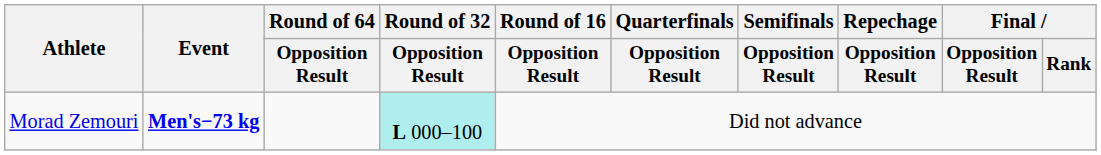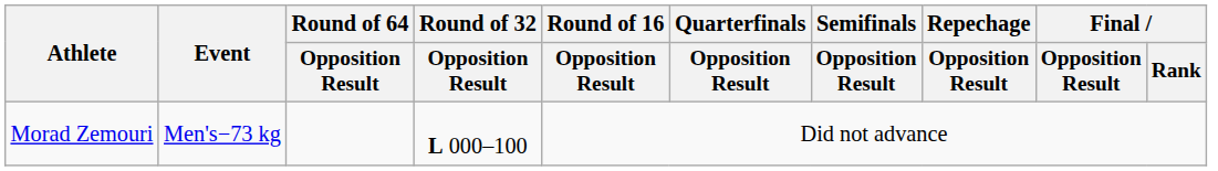 <table class="wikitable" style="font-size:90%">
 <tr>
 <th rowspan="2">Athlete</th>
 <th rowspan="2">Event</th>
 <th>Round of 64</th>
 <th>Round of 32</th>
 <th>Round of 16</th>
 <th>Quarterfinals</th>
 <th>Semifinals</th>
 <th>Repechage</th>
 <th colspan=2>Final / </th>
 </tr>
 <tr style="font-size:95%">
 <th>Opposition<br>Result</th>
 <th>Opposition<br>Result</th>
 <th>Opposition<br>Result</th>
 <th>Opposition<br>Result</th>
 <th>Opposition<br>Result</th>
 <th>Opposition<br>Result</th>
 <th>Opposition<br>Result</th>
 <th>Rank</th>
 </tr>
 <tr align=center>
 <td align=left><a href='#'>Morad Zemouri</a></td>
-<td align=left><strong><a href='#'>Men's−73 kg</a></strong></td>
+<td align=left><a href='#'>Men's−73 kg</a></td>
 <td></td>
-<td style="background: paleturquoise;"><br><strong>L</strong> 000–100</td>
+<td><br><strong>L</strong> 000–100</td>
 <td colspan=6>Did not advance</td>
 </tr>
 </table>
